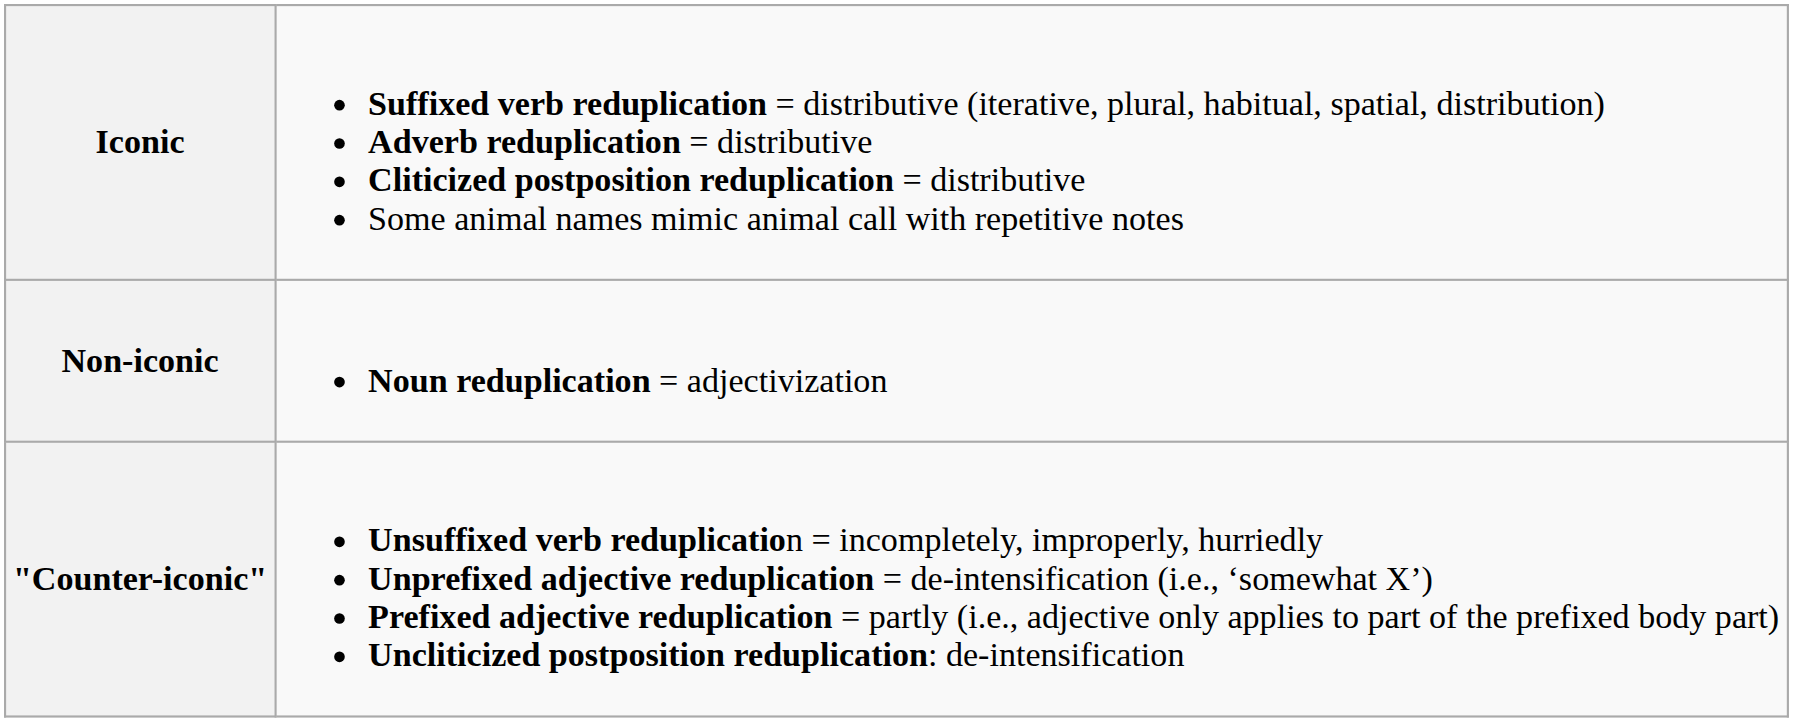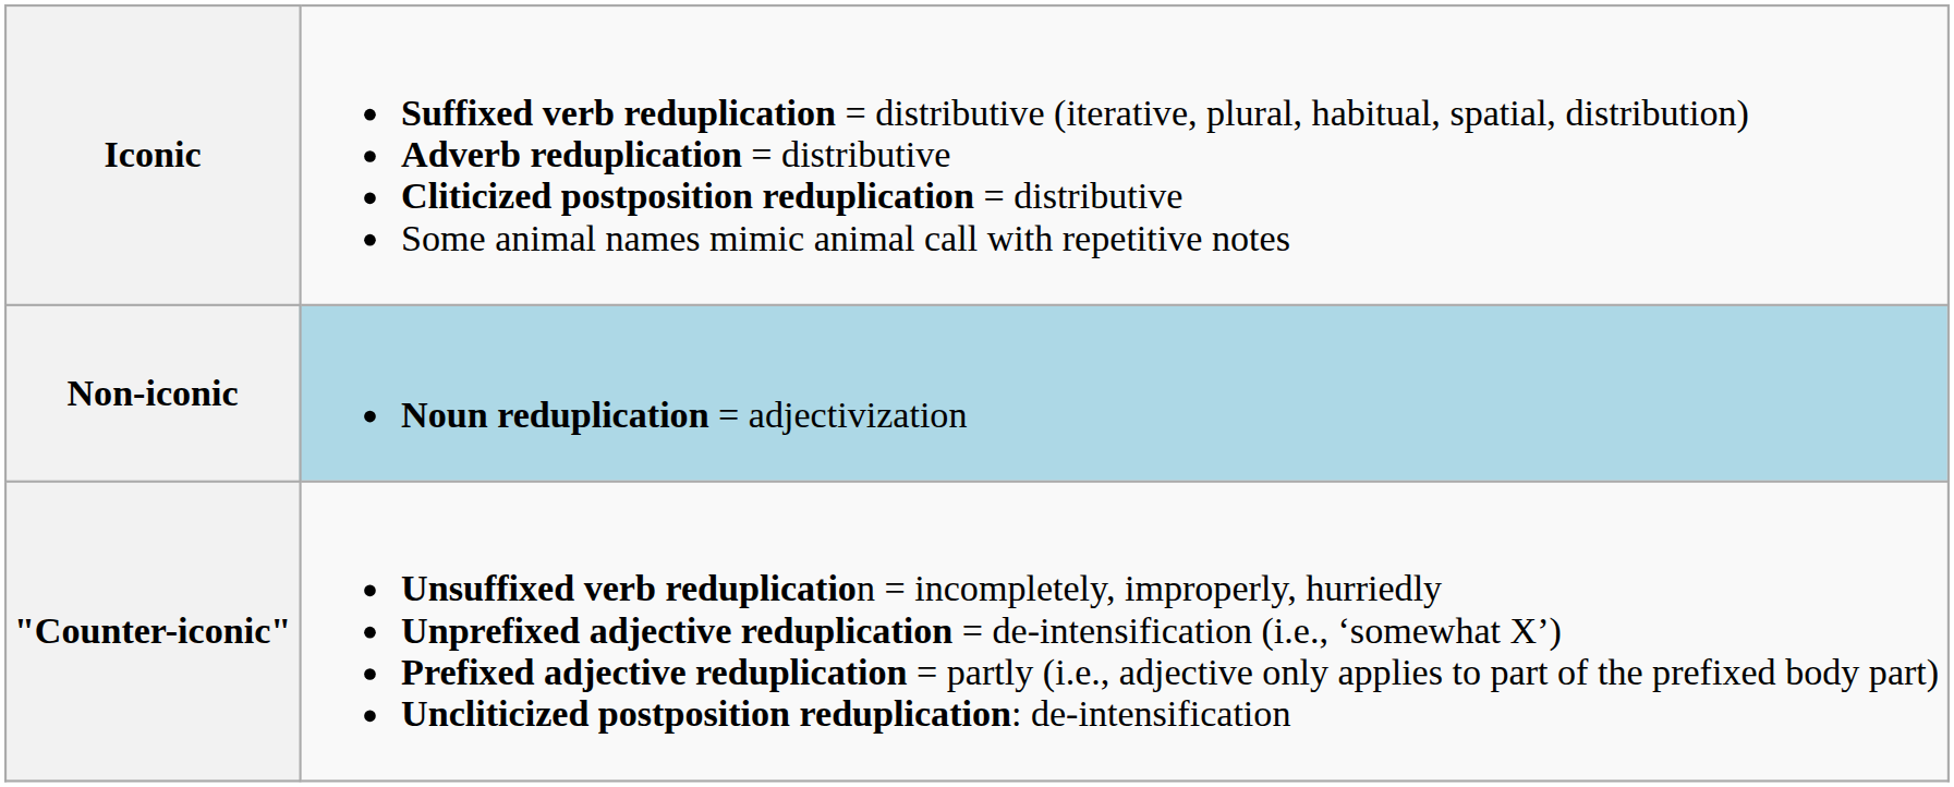 <table class="wikitable">
 <tr>
 <th>Iconic</th>
 <td><br><ul><li><strong>Suffixed verb reduplication</strong> = distributive (iterative, plural, habitual, spatial, distribution)</li><li><strong>Adverb reduplication</strong> = distributive</li><li><strong>Cliticized postposition reduplication</strong> = distributive</li><li>Some animal names mimic animal call with repetitive notes</li></ul></td>
 </tr>
 <tr>
 <th>Non-iconic</th>
-<td><br><ul><li><strong>Noun reduplication</strong> = adjectivization</li></ul></td>
+<td style="background: lightblue;"><br><ul><li><strong>Noun reduplication</strong> = adjectivization</li></ul></td>
 </tr>
 <tr>
 <th>"Counter-iconic"</th>
 <td><br><ul><li><strong>Unsuffixed verb reduplicatio</strong>n = incompletely, improperly, hurriedly</li><li><strong>Unprefixed adjective reduplication</strong> = de-intensification (i.e., ‘somewhat X’)</li><li><strong>Prefixed adjective reduplication</strong> = partly (i.e., adjective only applies to part of the prefixed body part)</li><li><strong>Uncliticized postposition reduplication</strong>: de-intensification</li></ul></td>
 </tr>
 </table>
